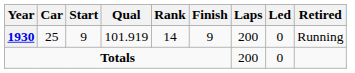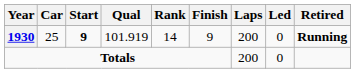 <table class="wikitable" style="text-align:center">
 <tr>
 <th>Year</th>
 <th>Car</th>
 <th>Start</th>
 <th>Qual</th>
 <th>Rank</th>
 <th>Finish</th>
 <th>Laps</th>
 <th>Led</th>
 <th>Retired</th>
 </tr>
 <tr>
 <th><a href='#'>1930</a></th>
 <td>25</td>
-<td>9</td>
+<td><strong>9</strong></td>
 <td>101.919</td>
 <td>14</td>
 <td>9</td>
 <td>200</td>
 <td>0</td>
-<td>Running</td>
+<td><strong>Running</strong></td>
 </tr>
 <tr>
 <td colspan=6><strong>Totals</strong></td>
 <td>200</td>
 <td>0</td>
 <td></td>
 </tr>
 </table>
